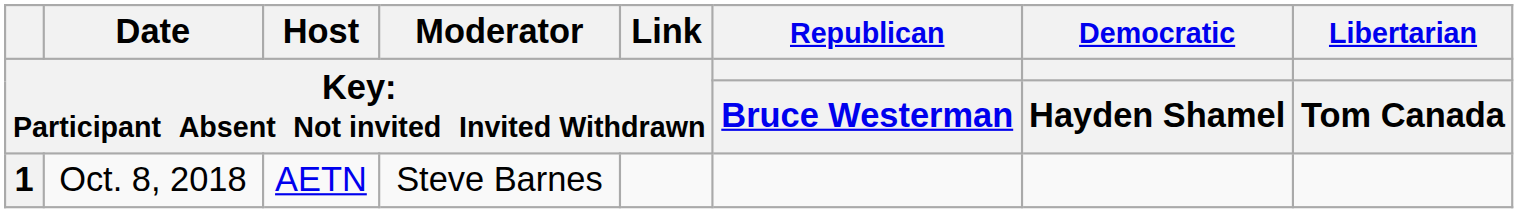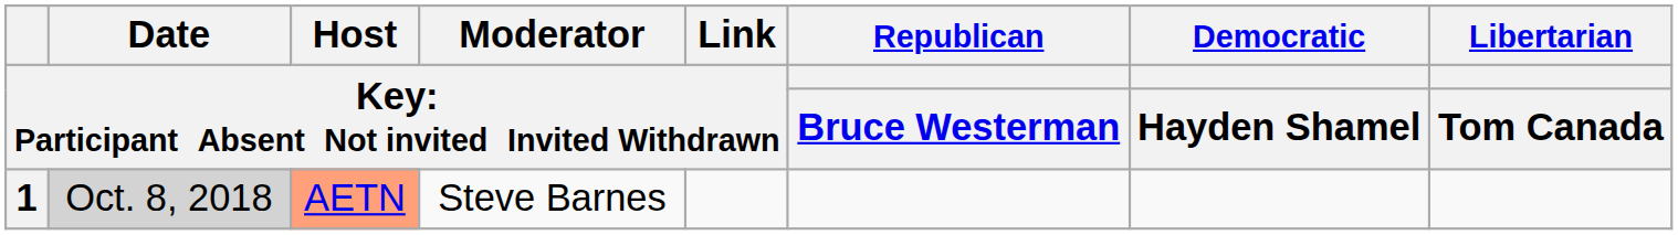 <table class="wikitable" style="text-align:center;">
 <tr>
 <th scope="col"></th>
 <th scope="col">Date</th>
 <th scope="col">Host</th>
 <th scope="col">Moderator</th>
 <th scope="col">Link</th>
 <th scope="col"><small><a href='#'>Republican</a></small></th>
 <th scope="col"><small><a href='#'>Democratic</a></small></th>
 <th scope="col"><small><a href='#'>Libertarian</a></small></th>
 </tr>
 <tr>
 <th colspan="5" rowspan="2">Key:<br> <small>Participant </small>  <small>Absent </small>  <small>Not invited </small>  <small>Invited  Withdrawn</small></th>
 <th scope="col" style="background:"></th>
 <th scope="col" style="background:"></th>
 <th scope="col" style="background:"></th>
 </tr>
 <tr>
 <th scope="col"><a href='#'>Bruce Westerman</a></th>
 <th scope="col">Hayden Shamel</th>
 <th scope="col">Tom Canada</th>
 </tr>
 <tr>
 <th>1</th>
-<td style="white-space:nowrap;">Oct. 8, 2018</td>
-<td style="white-space:nowrap;"><a href='#'>AETN</a></td>
+<td style="background: lightgrey; white-space:nowrap;">Oct. 8, 2018</td>
+<td style="background: lightsalmon; white-space:nowrap;"><a href='#'>AETN</a></td>
 <td style="white-space:nowrap;">Steve Barnes</td>
 <td style="white-space:nowrap;"></td>
 <td></td>
 <td></td>
 <td></td>
 </tr>
 </table>
